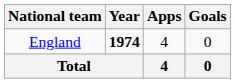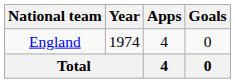 <table class=wikitable style="text-align: center">
 <tr>
 <th>National team</th>
 <th>Year</th>
 <th>Apps</th>
 <th>Goals</th>
 </tr>
 <tr>
 <td><a href='#'>England</a></td>
-<td><strong>1974</strong></td>
+<td>1974</td>
 <td>4</td>
 <td>0</td>
 </tr>
 <tr>
 <th colspan=2>Total</th>
 <th>4</th>
 <th>0</th>
 </tr>
 </table>
